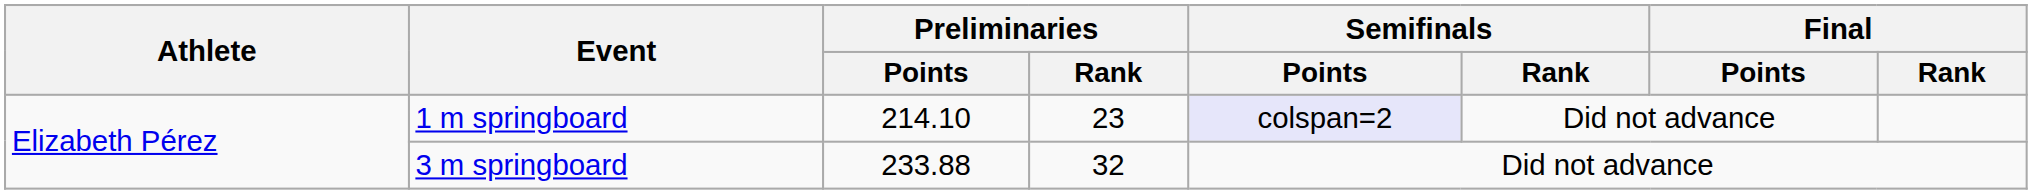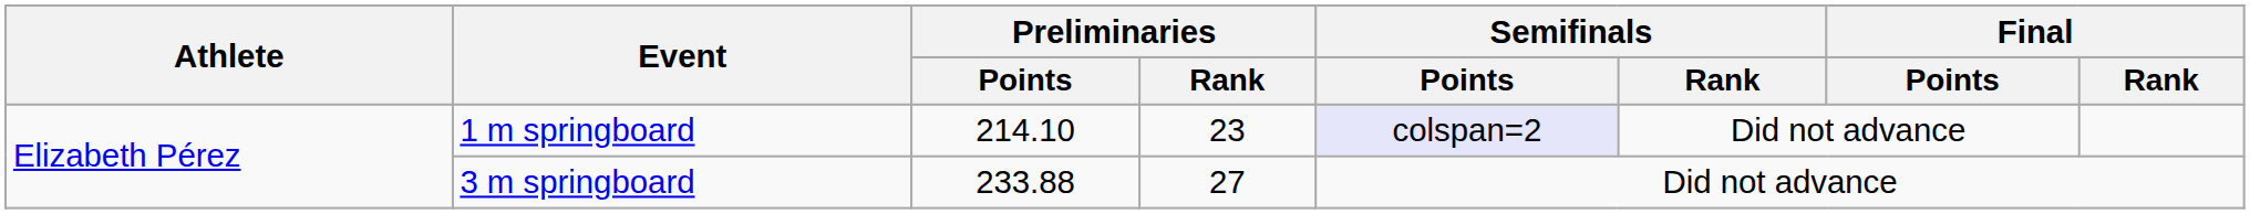 <table class="wikitable" style="text-align:center; font-size:90%; width:50%;">
 <tr>
 <th rowspan=2>Athlete</th>
 <th rowspan=2>Event</th>
 <th colspan=2>Preliminaries</th>
 <th colspan=2>Semifinals</th>
 <th colspan=2>Final</th>
 </tr>
 <tr style="font-size:95%">
 <th>Points</th>
 <th>Rank</th>
 <th>Points</th>
 <th>Rank</th>
 <th>Points</th>
 <th>Rank</th>
 </tr>
 <tr>
 <td align=left rowspan=2><a href='#'>Elizabeth Pérez</a></td>
 <td align=left><a href='#'>1 m springboard</a></td>
 <td>214.10</td>
 <td>23</td>
 <td style="background: lavender;">colspan=2 </td>
 <td colspan=2>Did not advance</td>
 </tr>
 <tr>
 <td align=left><a href='#'>3 m springboard</a></td>
 <td>233.88</td>
-<td>32</td>
+<td>27</td>
 <td colspan=4>Did not advance</td>
 </tr>
 </table>
